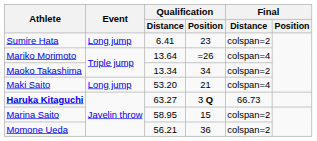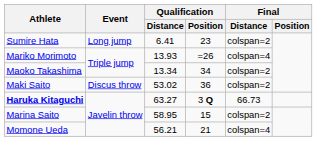 <table class=wikitable style=font-size:90%>
 <tr>
 <th rowspan=2>Athlete</th>
 <th rowspan=2>Event</th>
 <th colspan=2>Qualification</th>
 <th colspan=2>Final</th>
 </tr>
 <tr style=font-size:95%>
 <th>Distance</th>
 <th>Position</th>
 <th>Distance</th>
 <th>Position</th>
 </tr>
 <tr align=center>
 <td align=left><a href='#'>Sumire Hata</a></td>
 <td align=left><a href='#'>Long jump</a></td>
 <td>6.41</td>
 <td>23</td>
 <td>colspan=2 </td>
 </tr>
 <tr align=center>
 <td align=left><a href='#'>Mariko Morimoto</a></td>
 <td align=left rowspan=2><a href='#'>Triple jump</a></td>
-<td>13.64</td>
+<td>13.93</td>
 <td>=26</td>
 <td>colspan=4 </td>
 </tr>
 <tr align=center>
 <td align=left><a href='#'>Maoko Takashima</a></td>
 <td>13.34</td>
 <td>34</td>
 <td>colspan=2 </td>
 </tr>
 <tr align=center>
 <td align=left><a href='#'>Maki Saito</a></td>
-<td align=left><a href='#'>Long jump</a></td>
-<td>53.20</td>
-<td>21</td>
-<td>colspan=4 </td>
+<td align=left><a href='#'>Discus throw</a></td>
+<td>53.02</td>
+<td>36</td>
+<td>colspan=2 </td>
 </tr>
 <tr align=center>
 <td align=left><strong><a href='#'>Haruka Kitaguchi</a></strong></td>
 <td align=left rowspan=3><a href='#'>Javelin throw</a></td>
 <td>63.27</td>
 <td>3 <strong>Q</strong></td>
 <td>66.73</td>
 <td></td>
 </tr>
 <tr align=center>
 <td align=left><a href='#'>Marina Saito</a></td>
 <td>58.95</td>
 <td>15</td>
 <td>colspan=2 </td>
 </tr>
 <tr align=center>
 <td align=left><a href='#'>Momone Ueda</a></td>
 <td>56.21</td>
-<td>36</td>
-<td>colspan=2 </td>
+<td>21</td>
+<td>colspan=4 </td>
 </tr>
 </table>
